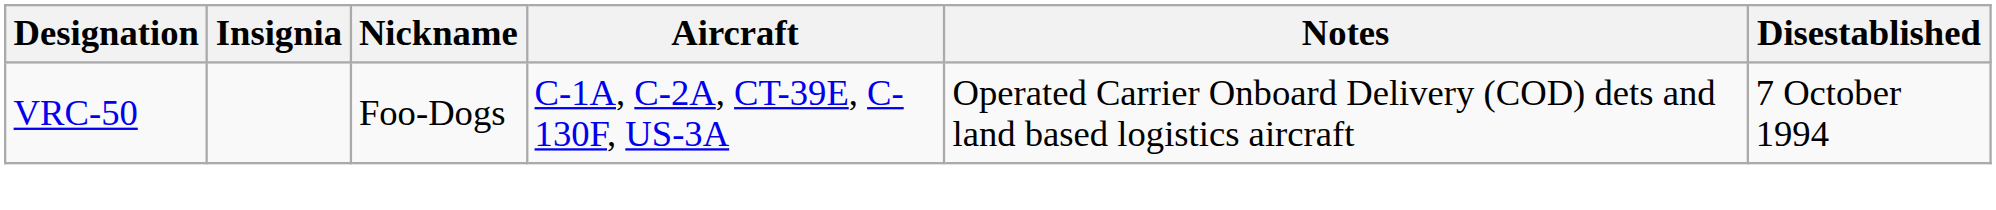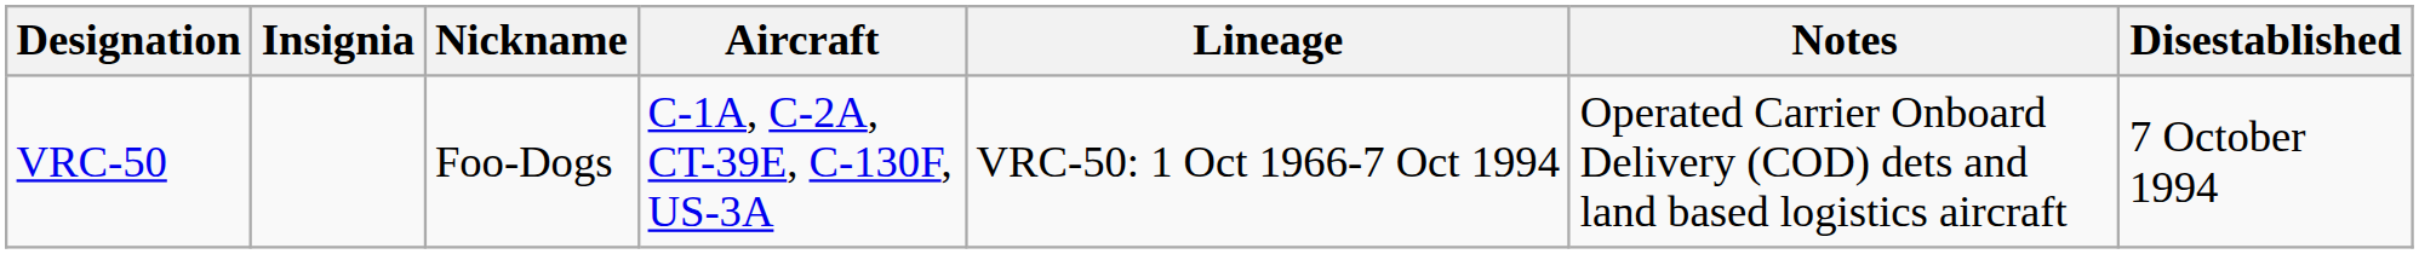 <table class="wikitable">
 <tr>
 <th>Designation</th>
 <th>Insignia</th>
 <th>Nickname</th>
 <th>Aircraft</th>
+<th>Lineage</th>
 <th>Notes</th>
 <th>Disestablished</th>
 </tr>
 <tr>
 <td><a href='#'>VRC-50</a></td>
 <td></td>
 <td>Foo-Dogs</td>
 <td><a href='#'>C-1A</a>, <a href='#'>C-2A</a>, <a href='#'>CT-39E</a>, <a href='#'>C-130F</a>, <a href='#'>US-3A</a></td>
+<td style="white-space: nowrap;">VRC-50: 1 Oct 1966-7 Oct 1994</td>
 <td>Operated Carrier Onboard Delivery (COD) dets and land based logistics aircraft</td>
 <td>7 October 1994</td>
 </tr>
 </table>
